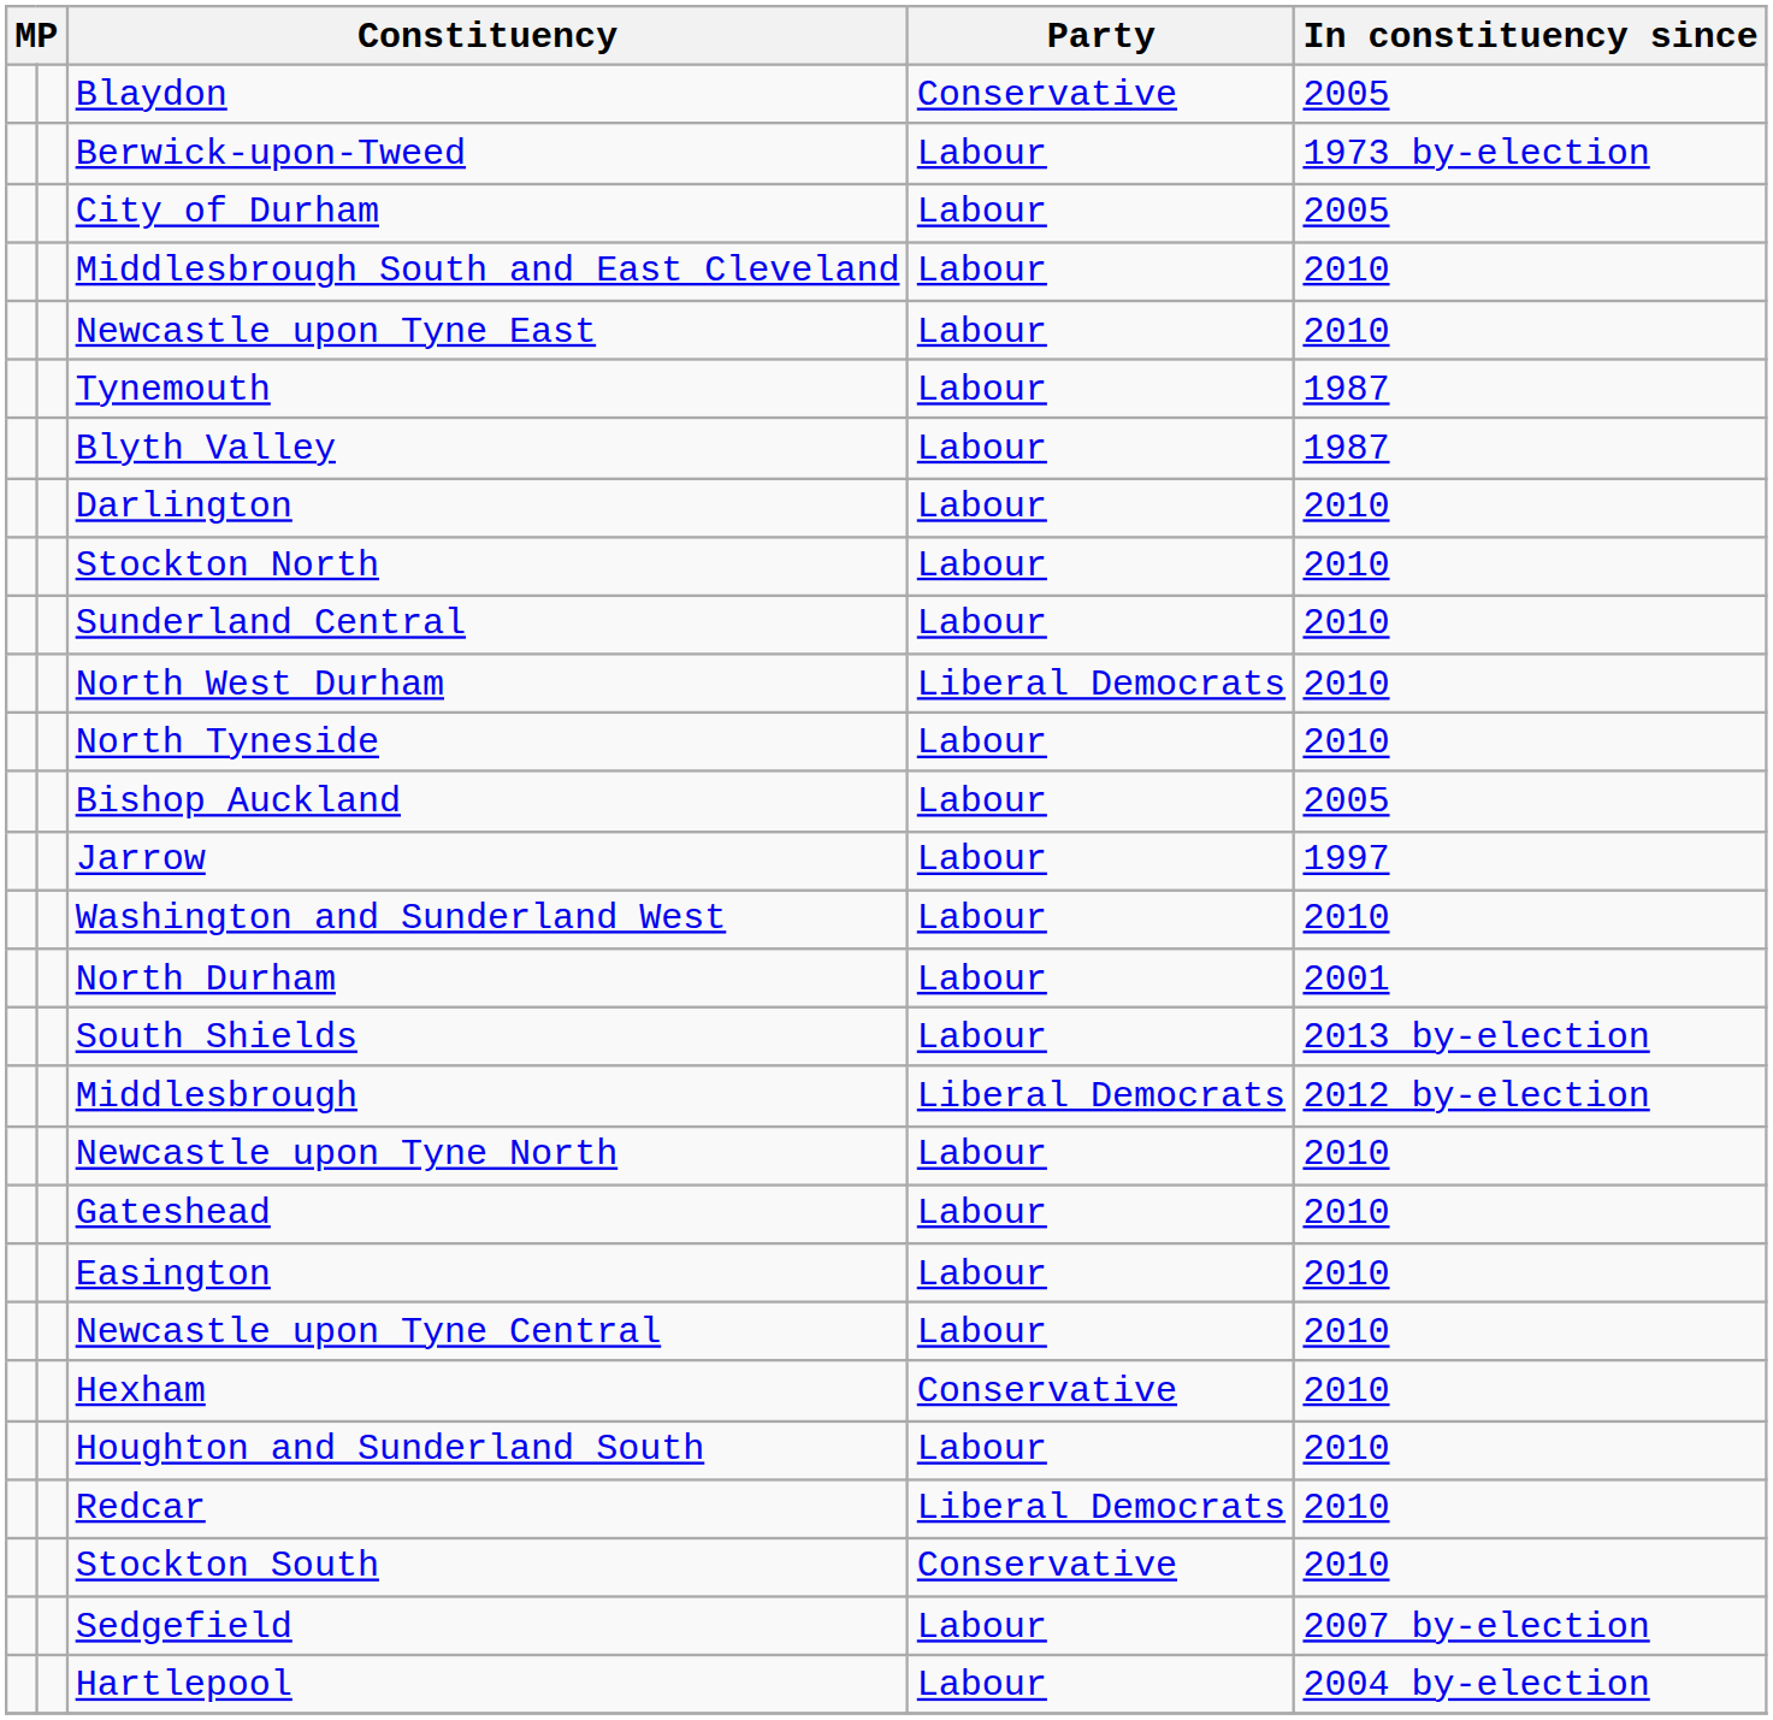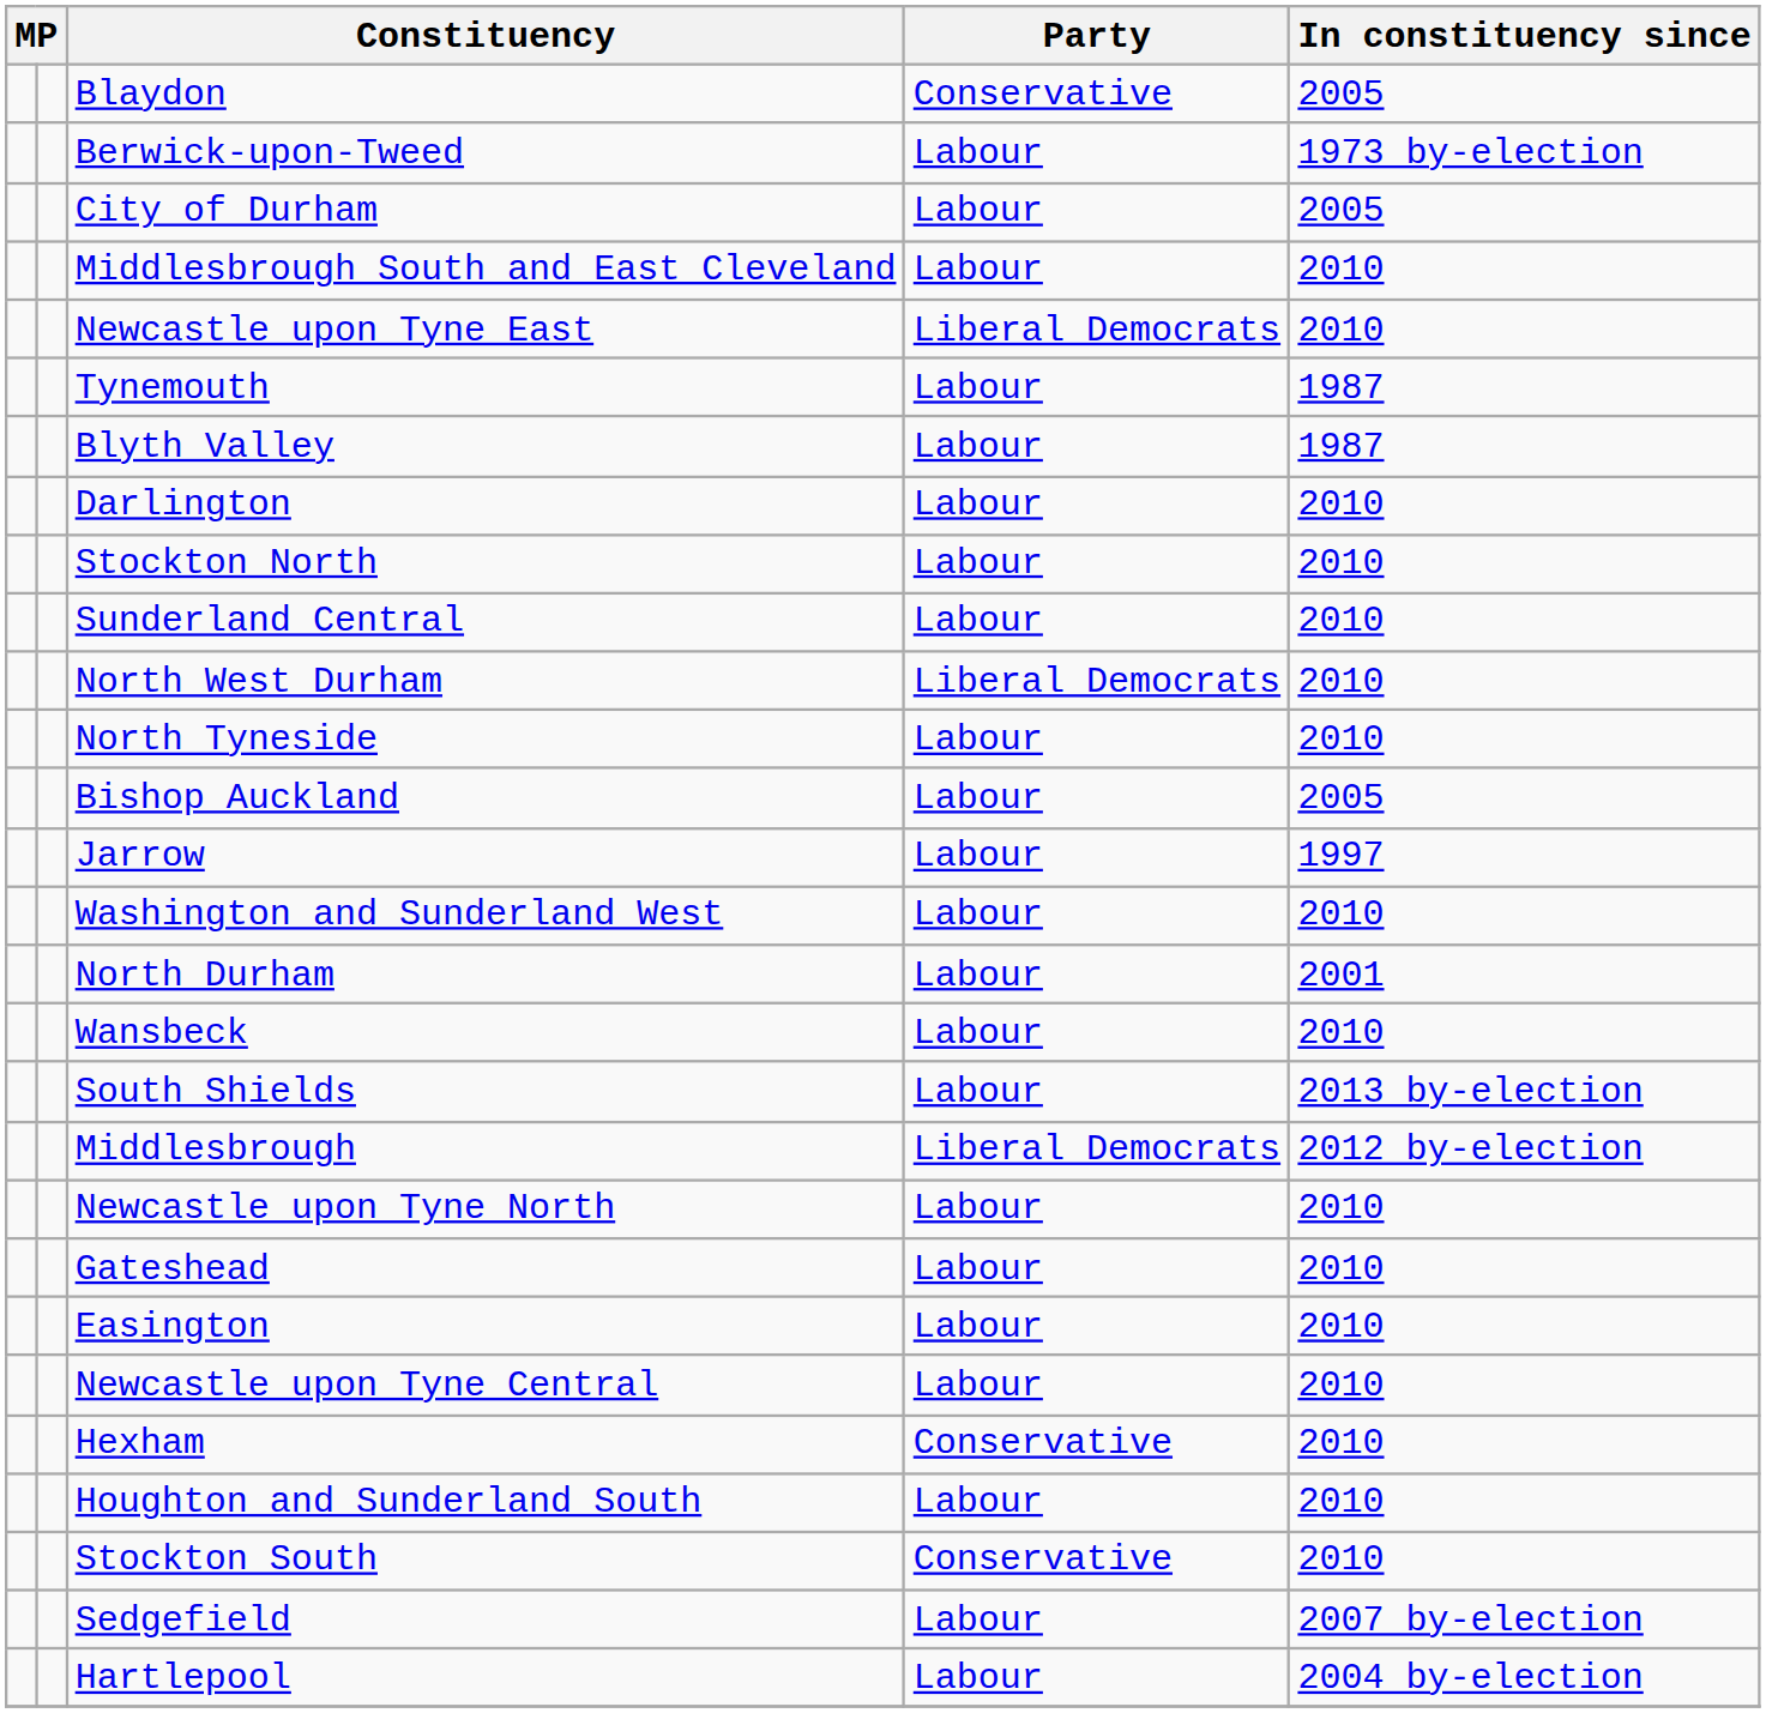 <table class="wikitable sortable">
 <tr>
 <th colspan=2>MP</th>
 <th>Constituency</th>
 <th>Party</th>
 <th>In constituency since</th>
 </tr>
 <tr>
 <td style="color:inherit;background-color: "></td>
 <td></td>
 <td><a href='#'>Blaydon</a></td>
 <td><a href='#'>Conservative</a></td>
 <td><a href='#'>2005</a></td>
 </tr>
 <tr>
 <td style="color:inherit;background-color: "></td>
 <td></td>
 <td><a href='#'>Berwick-upon-Tweed</a></td>
 <td><a href='#'>Labour</a></td>
 <td><a href='#'>1973 by-election</a></td>
 </tr>
 <tr>
 <td style="color:inherit;background-color: "></td>
 <td></td>
 <td><a href='#'>City of Durham</a></td>
 <td><a href='#'>Labour</a></td>
 <td><a href='#'>2005</a></td>
 </tr>
 <tr>
 <td style="color:inherit;background-color: "></td>
 <td></td>
 <td><a href='#'>Middlesbrough South and East Cleveland</a></td>
 <td><a href='#'>Labour</a></td>
 <td><a href='#'>2010</a></td>
 </tr>
 <tr>
 <td style="color:inherit;background-color: "></td>
 <td></td>
 <td><a href='#'>Newcastle upon Tyne East</a></td>
-<td><a href='#'>Labour</a></td>
+<td><a href='#'>Liberal Democrats</a></td>
 <td><a href='#'>2010</a></td>
 </tr>
 <tr>
 <td style="color:inherit;background-color: "></td>
 <td></td>
 <td><a href='#'>Tynemouth</a></td>
 <td><a href='#'>Labour</a></td>
 <td><a href='#'>1987</a></td>
 </tr>
 <tr>
 <td style="color:inherit;background-color: "></td>
 <td></td>
 <td><a href='#'>Blyth Valley</a></td>
 <td><a href='#'>Labour</a></td>
 <td><a href='#'>1987</a></td>
 </tr>
 <tr>
 <td style="color:inherit;background-color: "></td>
 <td></td>
 <td><a href='#'>Darlington</a></td>
 <td><a href='#'>Labour</a></td>
 <td><a href='#'>2010</a></td>
 </tr>
 <tr>
 <td style="color:inherit;background-color: "></td>
 <td></td>
 <td><a href='#'>Stockton North</a></td>
 <td><a href='#'>Labour</a></td>
 <td><a href='#'>2010</a></td>
 </tr>
 <tr>
 <td style="color:inherit;background-color: "></td>
 <td></td>
 <td><a href='#'>Sunderland Central</a></td>
 <td><a href='#'>Labour</a></td>
 <td><a href='#'>2010</a></td>
 </tr>
 <tr>
 <td style="color:inherit;background-color: "></td>
 <td></td>
 <td><a href='#'>North West Durham</a></td>
 <td><a href='#'>Liberal Democrats</a></td>
 <td><a href='#'>2010</a></td>
 </tr>
 <tr>
 <td style="color:inherit;background-color: "></td>
 <td></td>
 <td><a href='#'>North Tyneside</a></td>
 <td><a href='#'>Labour</a></td>
 <td><a href='#'>2010</a></td>
 </tr>
 <tr>
 <td style="color:inherit;background-color: "></td>
 <td></td>
 <td><a href='#'>Bishop Auckland</a></td>
 <td><a href='#'>Labour</a></td>
 <td><a href='#'>2005</a></td>
 </tr>
 <tr>
 <td style="color:inherit;background-color: "></td>
 <td></td>
 <td><a href='#'>Jarrow</a></td>
 <td><a href='#'>Labour</a></td>
 <td><a href='#'>1997</a></td>
 </tr>
 <tr>
 <td style="color:inherit;background-color: "></td>
 <td></td>
 <td><a href='#'>Washington and Sunderland West</a></td>
 <td><a href='#'>Labour</a></td>
 <td><a href='#'>2010</a></td>
 </tr>
 <tr>
 <td style="color:inherit;background-color: "></td>
 <td></td>
 <td><a href='#'>North Durham</a></td>
 <td><a href='#'>Labour</a></td>
 <td><a href='#'>2001</a></td>
 </tr>
 <tr>
 <td style="color:inherit;background-color: "></td>
 <td></td>
+<td><a href='#'>Wansbeck</a></td>
+<td><a href='#'>Labour</a></td>
+<td><a href='#'>2010</a></td>
+</tr>
+<tr>
+<td style="color:inherit;background-color: "></td>
+<td></td>
 <td><a href='#'>South Shields</a></td>
 <td><a href='#'>Labour</a></td>
 <td><a href='#'>2013 by-election</a></td>
 </tr>
 <tr>
 <td style="color:inherit;background-color: "></td>
 <td></td>
 <td><a href='#'>Middlesbrough</a></td>
 <td><a href='#'>Liberal Democrats</a></td>
 <td><a href='#'>2012 by-election</a></td>
 </tr>
 <tr>
 <td style="color:inherit;background-color: "></td>
 <td></td>
 <td><a href='#'>Newcastle upon Tyne North</a></td>
 <td><a href='#'>Labour</a></td>
 <td><a href='#'>2010</a></td>
 </tr>
 <tr>
 <td style="color:inherit;background-color: "></td>
 <td></td>
 <td><a href='#'>Gateshead</a></td>
 <td><a href='#'>Labour</a></td>
 <td><a href='#'>2010</a></td>
 </tr>
 <tr>
 <td style="color:inherit;background-color: "></td>
 <td></td>
 <td><a href='#'>Easington</a></td>
 <td><a href='#'>Labour</a></td>
 <td><a href='#'>2010</a></td>
 </tr>
 <tr>
 <td style="color:inherit;background-color: "></td>
 <td></td>
 <td><a href='#'>Newcastle upon Tyne Central</a></td>
 <td><a href='#'>Labour</a></td>
 <td><a href='#'>2010</a></td>
 </tr>
 <tr>
 <td style="color:inherit;background-color: "></td>
 <td></td>
 <td><a href='#'>Hexham</a></td>
 <td><a href='#'>Conservative</a></td>
 <td><a href='#'>2010</a></td>
 </tr>
 <tr>
 <td style="color:inherit;background-color: "></td>
 <td></td>
 <td><a href='#'>Houghton and Sunderland South</a></td>
 <td><a href='#'>Labour</a></td>
 <td><a href='#'>2010</a></td>
 </tr>
 <tr>
 <td style="color:inherit;background-color: "></td>
 <td></td>
-<td><a href='#'>Redcar</a></td>
-<td><a href='#'>Liberal Democrats</a></td>
-<td><a href='#'>2010</a></td>
-</tr>
-<tr>
-<td style="color:inherit;background-color: "></td>
-<td></td>
 <td><a href='#'>Stockton South</a></td>
 <td><a href='#'>Conservative</a></td>
 <td><a href='#'>2010</a></td>
 </tr>
 <tr>
 <td style="color:inherit;background-color: "></td>
 <td></td>
 <td><a href='#'>Sedgefield</a></td>
 <td><a href='#'>Labour</a></td>
 <td><a href='#'>2007 by-election</a></td>
 </tr>
 <tr>
 <td style="color:inherit;background-color: "></td>
 <td></td>
 <td><a href='#'>Hartlepool</a></td>
 <td><a href='#'>Labour</a></td>
 <td><a href='#'>2004 by-election</a></td>
 </tr>
 <tr>
 </tr>
 </table>
